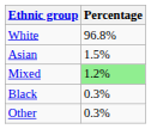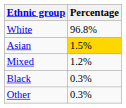 <table class="wikitable">
 <tr>
 <th><a href='#'>Ethnic group</a></th>
 <th>Percentage</th>
 </tr>
 <tr>
 <td><a href='#'>White</a></td>
 <td>96.8%</td>
 </tr>
 <tr>
 <td><a href='#'>Asian</a></td>
-<td>1.5%</td>
+<td style="background: gold;">1.5%</td>
 </tr>
 <tr>
 <td><a href='#'>Mixed</a></td>
-<td style="background: lightgreen;">1.2%</td>
+<td>1.2%</td>
 </tr>
 <tr>
 <td><a href='#'>Black</a></td>
 <td>0.3%</td>
 </tr>
 <tr>
 <td><a href='#'>Other</a></td>
 <td>0.3%</td>
 </tr>
 </table>
